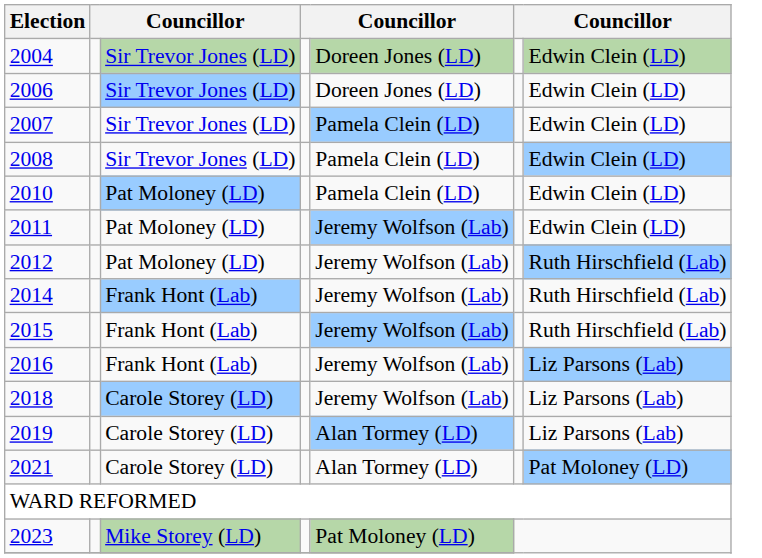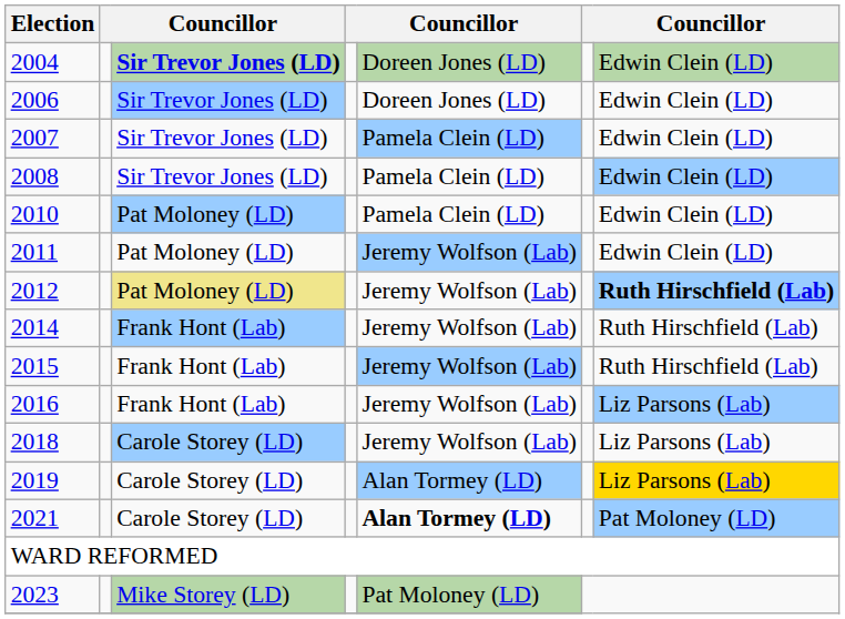 <table class="wikitable">
 <tr>
 <th>Election</th>
 <th colspan="2">Councillor</th>
 <th colspan="2">Councillor</th>
 <th colspan="2">Councillor</th>
 </tr>
 <tr>
 <td><a href='#'>2004</a></td>
 <td style="background-color: "></td>
-<td bgcolor="#B6D7A8"><a href='#'>Sir Trevor Jones</a> (<a href='#'>LD</a>)</td>
+<td bgcolor="#B6D7A8"><strong><a href='#'>Sir Trevor Jones</a> (<a href='#'>LD</a>)</strong></td>
 <td style="background-color: "></td>
 <td bgcolor="#B6D7A8">Doreen Jones (<a href='#'>LD</a>)</td>
 <td style="background-color: "></td>
 <td bgcolor="#B6D7A8">Edwin Clein (<a href='#'>LD</a>)</td>
 </tr>
 <tr>
 <td><a href='#'>2006</a></td>
 <td style="background-color: "></td>
 <td bgcolor="#99CCFF"><a href='#'>Sir Trevor Jones</a> (<a href='#'>LD</a>)</td>
 <td style="background-color: "></td>
 <td>Doreen Jones (<a href='#'>LD</a>)</td>
 <td style="background-color: "></td>
 <td>Edwin Clein (<a href='#'>LD</a>)</td>
 </tr>
 <tr>
 <td><a href='#'>2007</a></td>
 <td style="background-color: "></td>
 <td><a href='#'>Sir Trevor Jones</a> (<a href='#'>LD</a>)</td>
 <td style="background-color: "></td>
 <td bgcolor="#99CCFF">Pamela Clein (<a href='#'>LD</a>)</td>
 <td style="background-color: "></td>
 <td>Edwin Clein (<a href='#'>LD</a>)</td>
 </tr>
 <tr>
 <td><a href='#'>2008</a></td>
 <td style="background-color: "></td>
 <td><a href='#'>Sir Trevor Jones</a> (<a href='#'>LD</a>)</td>
 <td style="background-color: "></td>
 <td>Pamela Clein (<a href='#'>LD</a>)</td>
 <td style="background-color: "></td>
 <td bgcolor="#99CCFF">Edwin Clein (<a href='#'>LD</a>)</td>
 </tr>
 <tr>
 <td><a href='#'>2010</a></td>
 <td style="background-color: "></td>
 <td bgcolor="#99CCFF">Pat Moloney (<a href='#'>LD</a>)</td>
 <td style="background-color: "></td>
 <td>Pamela Clein (<a href='#'>LD</a>)</td>
 <td style="background-color: "></td>
 <td>Edwin Clein (<a href='#'>LD</a>)</td>
 </tr>
 <tr>
 <td><a href='#'>2011</a></td>
 <td style="background-color: "></td>
 <td>Pat Moloney (<a href='#'>LD</a>)</td>
 <td style="background-color: "></td>
 <td bgcolor="#99CCFF">Jeremy Wolfson (<a href='#'>Lab</a>)</td>
 <td style="background-color: "></td>
 <td>Edwin Clein (<a href='#'>LD</a>)</td>
 </tr>
 <tr>
 <td><a href='#'>2012</a></td>
 <td style="background-color: "></td>
-<td>Pat Moloney (<a href='#'>LD</a>)</td>
+<td style="background: khaki;">Pat Moloney (<a href='#'>LD</a>)</td>
 <td style="background-color: "></td>
 <td>Jeremy Wolfson (<a href='#'>Lab</a>)</td>
 <td style="background-color: "></td>
-<td bgcolor="#99CCFF">Ruth Hirschfield (<a href='#'>Lab</a>)</td>
+<td bgcolor="#99CCFF"><strong>Ruth Hirschfield (<a href='#'>Lab</a>)</strong></td>
 </tr>
 <tr>
 <td><a href='#'>2014</a></td>
 <td style="background-color: "></td>
 <td bgcolor="#99CCFF">Frank Hont (<a href='#'>Lab</a>)</td>
 <td style="background-color: "></td>
 <td>Jeremy Wolfson (<a href='#'>Lab</a>)</td>
 <td style="background-color: "></td>
 <td>Ruth Hirschfield (<a href='#'>Lab</a>)</td>
 </tr>
 <tr>
 <td><a href='#'>2015</a></td>
 <td style="background-color: "></td>
 <td>Frank Hont (<a href='#'>Lab</a>)</td>
 <td style="background-color: "></td>
 <td bgcolor="#99CCFF">Jeremy Wolfson (<a href='#'>Lab</a>)</td>
 <td style="background-color: "></td>
 <td>Ruth Hirschfield (<a href='#'>Lab</a>)</td>
 </tr>
 <tr>
 <td><a href='#'>2016</a></td>
 <td style="background-color: "></td>
 <td>Frank Hont (<a href='#'>Lab</a>)</td>
 <td style="background-color: "></td>
 <td>Jeremy Wolfson (<a href='#'>Lab</a>)</td>
 <td style="background-color: "></td>
 <td bgcolor="#99CCFF">Liz Parsons (<a href='#'>Lab</a>)</td>
 </tr>
 <tr>
 <td><a href='#'>2018</a></td>
 <td style="background-color: "></td>
 <td bgcolor="#99CCFF">Carole Storey (<a href='#'>LD</a>)</td>
 <td style="background-color: "></td>
 <td>Jeremy Wolfson (<a href='#'>Lab</a>)</td>
 <td style="background-color: "></td>
 <td>Liz Parsons (<a href='#'>Lab</a>)</td>
 </tr>
 <tr>
 <td><a href='#'>2019</a></td>
 <td style="background-color: "></td>
 <td>Carole Storey (<a href='#'>LD</a>)</td>
 <td style="background-color: "></td>
 <td bgcolor="#99CCFF">Alan Tormey (<a href='#'>LD</a>)</td>
 <td style="background-color: "></td>
-<td>Liz Parsons (<a href='#'>Lab</a>)</td>
+<td style="background: gold;">Liz Parsons (<a href='#'>Lab</a>)</td>
 </tr>
 <tr>
 <td><a href='#'>2021</a></td>
 <td style="background-color: "></td>
 <td>Carole Storey (<a href='#'>LD</a>)</td>
 <td style="background-color: "></td>
-<td>Alan Tormey (<a href='#'>LD</a>)</td>
+<td><strong>Alan Tormey (<a href='#'>LD</a>)</strong></td>
 <td style="background-color: "></td>
 <td bgcolor="#99CCFF">Pat Moloney (<a href='#'>LD</a>)</td>
 </tr>
 <tr>
 <td colspan="8" bgcolor="#FFF"><div>WARD REFORMED</div></td>
 </tr>
 <tr>
 <td><a href='#'>2023</a></td>
 <td style="background-color: "></td>
 <td bgcolor="#B6D7A8"><a href='#'>Mike Storey</a> (<a href='#'>LD</a>)</td>
 <td style="background-color: "></td>
 <td bgcolor="#B6D7A8">Pat Moloney (<a href='#'>LD</a>)</td>
 </tr>
 <tr>
 </tr>
 </table>
